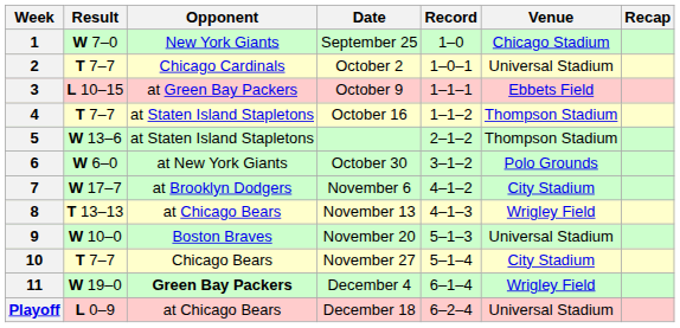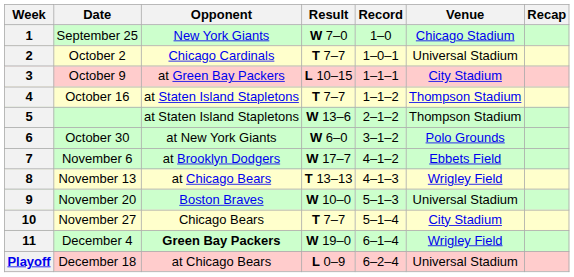 <table class="wikitable" style="text-align:center">
 <tr>
 <th>Week</th>
+<th>Date</th>
+<th>Opponent</th>
 <th>Result</th>
-<th>Opponent</th>
-<th>Date</th>
 <th>Record</th>
 <th>Venue</th>
 <th>Recap</th>
 </tr>
 <tr style="background:#cfc">
 <th>1</th>
+<td>September 25</td>
+<td><a href='#'>New York Giants</a></td>
 <td><strong>W</strong> 7–0</td>
-<td><a href='#'>New York Giants</a></td>
-<td>September 25</td>
 <td>1–0</td>
 <td><a href='#'>Chicago Stadium</a></td>
 <td></td>
 </tr>
 <tr style="background:#ffc">
 <th>2</th>
+<td>October 2</td>
+<td><a href='#'>Chicago Cardinals</a></td>
 <td><strong>T</strong> 7–7</td>
-<td><a href='#'>Chicago Cardinals</a></td>
-<td>October 2</td>
 <td>1–0–1</td>
 <td>Universal Stadium</td>
 <td></td>
 </tr>
 <tr style="background:#fcc">
 <th>3</th>
+<td>October 9</td>
+<td>at <a href='#'>Green Bay Packers</a></td>
 <td><strong>L</strong> 10–15</td>
-<td>at <a href='#'>Green Bay Packers</a></td>
-<td>October 9</td>
 <td>1–1–1</td>
-<td><a href='#'>Ebbets Field</a></td>
+<td><a href='#'>City Stadium</a></td>
 <td></td>
 </tr>
 <tr style="background:#ffc">
 <th>4</th>
+<td>October 16</td>
+<td>at <a href='#'>Staten Island Stapletons</a></td>
 <td><strong>T</strong> 7–7</td>
-<td>at <a href='#'>Staten Island Stapletons</a></td>
-<td>October 16</td>
 <td>1–1–2</td>
 <td><a href='#'>Thompson Stadium</a></td>
 <td></td>
 </tr>
 <tr style="background:#cfc">
 <th>5</th>
+<td></td>
+<td>at Staten Island Stapletons</td>
 <td><strong>W</strong> 13–6</td>
-<td>at Staten Island Stapletons</td>
-<td></td>
 <td>2–1–2</td>
 <td>Thompson Stadium</td>
 <td></td>
 </tr>
 <tr style="background:#cfc">
 <th>6</th>
+<td>October 30</td>
+<td>at New York Giants</td>
 <td><strong>W</strong> 6–0</td>
-<td>at New York Giants</td>
-<td>October 30</td>
 <td>3–1–2</td>
 <td><a href='#'>Polo Grounds</a></td>
 <td></td>
 </tr>
 <tr style="background:#cfc">
 <th>7</th>
+<td>November 6</td>
+<td>at <a href='#'>Brooklyn Dodgers</a></td>
 <td><strong>W</strong> 17–7</td>
-<td>at <a href='#'>Brooklyn Dodgers</a></td>
-<td>November 6</td>
 <td>4–1–2</td>
-<td><a href='#'>City Stadium</a></td>
+<td><a href='#'>Ebbets Field</a></td>
 <td></td>
 </tr>
 <tr style="background:#ffc">
 <th>8</th>
+<td>November 13</td>
+<td>at <a href='#'>Chicago Bears</a></td>
 <td><strong>T</strong> 13–13</td>
-<td>at <a href='#'>Chicago Bears</a></td>
-<td>November 13</td>
 <td>4–1–3</td>
 <td><a href='#'>Wrigley Field</a></td>
 <td></td>
 </tr>
 <tr style="background:#cfc">
 <th>9</th>
+<td>November 20</td>
+<td><a href='#'>Boston Braves</a></td>
 <td><strong>W</strong> 10–0</td>
-<td><a href='#'>Boston Braves</a></td>
-<td>November 20</td>
 <td>5–1–3</td>
 <td>Universal Stadium</td>
 <td></td>
 </tr>
 <tr style="background:#ffc">
 <th>10</th>
+<td>November 27</td>
+<td>Chicago Bears</td>
 <td><strong>T</strong> 7–7</td>
-<td>Chicago Bears</td>
-<td>November 27</td>
 <td>5–1–4</td>
 <td><a href='#'>City Stadium</a></td>
 <td></td>
 </tr>
 <tr style="background:#cfc">
 <th>11</th>
+<td>December 4</td>
+<td><strong>Green Bay Packers</strong></td>
 <td><strong>W</strong> 19–0</td>
-<td><strong>Green Bay Packers</strong></td>
-<td>December 4</td>
 <td>6–1–4</td>
 <td><a href='#'>Wrigley Field</a></td>
 <td></td>
 </tr>
 <tr style="background:#fcc">
 <th><a href='#'>Playoff</a></th>
+<td>December 18</td>
+<td>at Chicago Bears</td>
 <td><strong>L</strong> 0–9</td>
-<td>at Chicago Bears</td>
-<td>December 18</td>
 <td>6–2–4</td>
 <td>Universal Stadium</td>
 <td></td>
 </tr>
 </table>
